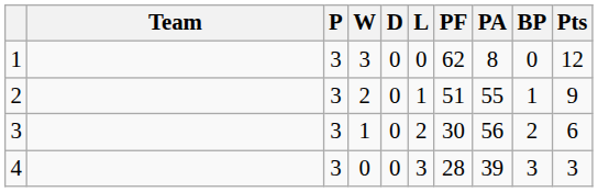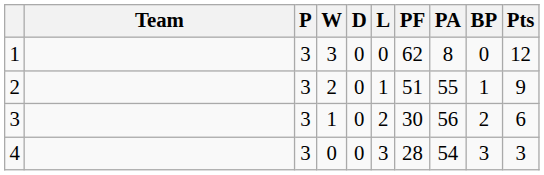 <table class="wikitable" style="text-align:center;">
 <tr>
 <th></th>
 <th width="200px">Team</th>
 <th>P</th>
 <th>W</th>
 <th>D</th>
 <th>L</th>
 <th>PF</th>
 <th>PA</th>
 <th>BP</th>
 <th>Pts</th>
 </tr>
 <tr>
 <td>1</td>
 <td></td>
 <td>3</td>
 <td>3</td>
 <td>0</td>
 <td>0</td>
 <td>62</td>
 <td>8</td>
 <td>0</td>
 <td>12</td>
 </tr>
 <tr>
 <td>2</td>
 <td></td>
 <td>3</td>
 <td>2</td>
 <td>0</td>
 <td>1</td>
 <td>51</td>
 <td>55</td>
 <td>1</td>
 <td>9</td>
 </tr>
 <tr>
 <td>3</td>
 <td></td>
 <td>3</td>
 <td>1</td>
 <td>0</td>
 <td>2</td>
 <td>30</td>
 <td>56</td>
 <td>2</td>
 <td>6</td>
 </tr>
 <tr>
 <td>4</td>
 <td></td>
 <td>3</td>
 <td>0</td>
 <td>0</td>
 <td>3</td>
 <td>28</td>
-<td>39</td>
+<td>54</td>
 <td>3</td>
 <td>3</td>
 </tr>
 </table>
